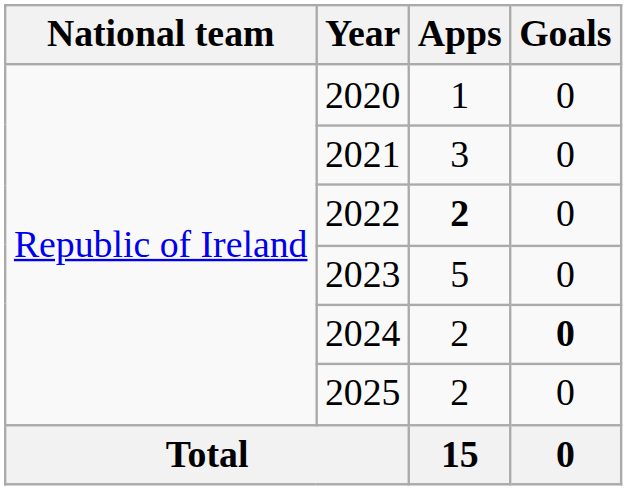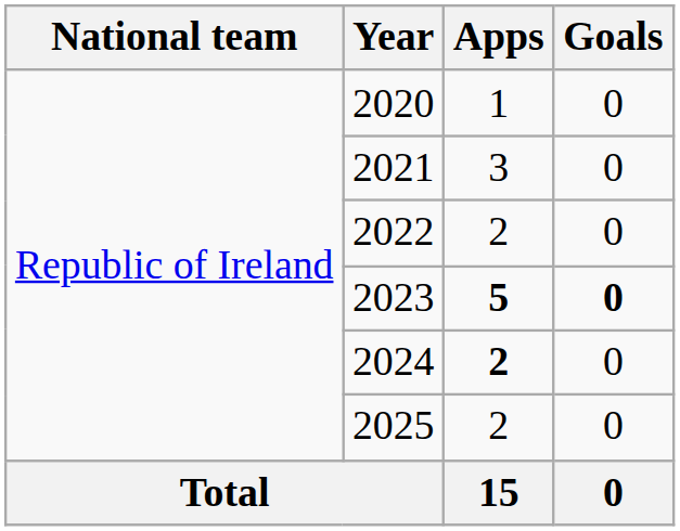 <table class=wikitable style=text-align:center>
 <tr>
 <th>National team</th>
 <th>Year</th>
 <th>Apps</th>
 <th>Goals</th>
 </tr>
 <tr>
 <td rowspan=6><a href='#'>Republic of Ireland</a></td>
 <td>2020</td>
 <td>1</td>
 <td>0</td>
 </tr>
 <tr>
 <td>2021</td>
 <td>3</td>
 <td>0</td>
 </tr>
 <tr>
 <td>2022</td>
-<td><strong>2</strong></td>
+<td>2</td>
 <td>0</td>
 </tr>
 <tr>
 <td>2023</td>
-<td>5</td>
-<td>0</td>
+<td><strong>5</strong></td>
+<td><strong>0</strong></td>
 </tr>
 <tr>
 <td>2024</td>
-<td>2</td>
-<td><strong>0</strong></td>
+<td><strong>2</strong></td>
+<td>0</td>
 </tr>
 <tr>
 <td>2025</td>
 <td>2</td>
 <td>0</td>
 </tr>
 <tr>
 <th colspan=2>Total</th>
 <th>15</th>
 <th>0</th>
 </tr>
 </table>
